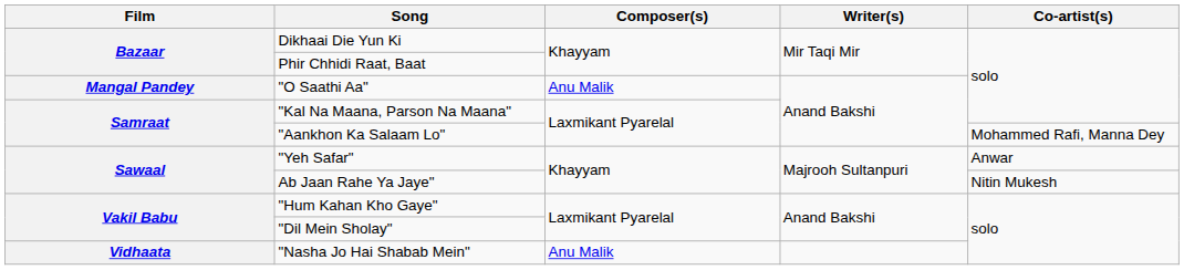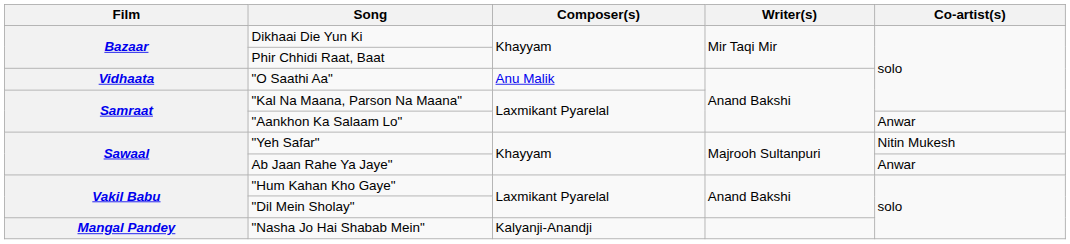 <table class="wikitable plainrowheaders" style="width:100%; textcolor:#000">
 <tr style="background:#b0e0e66;">
 <th scope="col" style="width:23%;"><strong>Film</strong></th>
 <th scope="col" style="width:23%;"><strong>Song</strong></th>
 <th scope="col" style="width:20%;"><strong>Composer(s)</strong></th>
 <th scope="col" style="width:16%;"><strong>Writer(s)</strong></th>
 <th scope="col" style="width:18%;"><strong>Co-artist(s)</strong></th>
 </tr>
 <tr>
 <th Rowspan=2><em><a href='#'>Bazaar</a></em></th>
 <td>Dikhaai Die Yun Ki</td>
 <td rowspan=2>Khayyam</td>
 <td rowspan=2>Mir Taqi Mir</td>
 <td rowspan=4>solo</td>
 </tr>
 <tr>
 <td>Phir Chhidi Raat, Baat</td>
 </tr>
 <tr>
-<th><em><a href='#'>Mangal Pandey</a></em></th>
+<th><em><a href='#'>Vidhaata</a></em></th>
 <td>"O Saathi Aa"</td>
 <td><a href='#'>Anu Malik</a></td>
 <td rowspan=3>Anand Bakshi</td>
 </tr>
 <tr>
 <th Rowspan=2><em><a href='#'>Samraat</a></em></th>
 <td>"Kal Na Maana, Parson Na Maana"</td>
 <td rowspan=2>Laxmikant Pyarelal</td>
 </tr>
 <tr>
 <td>"Aankhon Ka Salaam Lo"</td>
-<td>Mohammed Rafi, Manna Dey</td>
+<td>Anwar</td>
 </tr>
 <tr>
 <th Rowspan=2><em><a href='#'>Sawaal</a></em></th>
 <td>"Yeh Safar"</td>
 <td rowspan=2>Khayyam</td>
 <td rowspan=2>Majrooh Sultanpuri</td>
-<td>Anwar</td>
+<td>Nitin Mukesh</td>
 </tr>
 <tr>
 <td>Ab Jaan Rahe Ya Jaye"</td>
-<td>Nitin Mukesh</td>
+<td>Anwar</td>
 </tr>
 <tr>
 <th Rowspan=2><em><a href='#'>Vakil Babu</a></em></th>
 <td>"Hum Kahan Kho Gaye"</td>
 <td rowspan=2>Laxmikant Pyarelal</td>
 <td rowspan=2>Anand Bakshi</td>
 <td rowspan=3>solo</td>
 </tr>
 <tr>
 <td>"Dil Mein Sholay"</td>
 </tr>
 <tr>
-<th><em><a href='#'>Vidhaata</a></em></th>
+<th><em><a href='#'>Mangal Pandey</a></em></th>
 <td>"Nasha Jo Hai Shabab Mein"</td>
-<td><a href='#'>Anu Malik</a></td>
+<td>Kalyanji-Anandji</td>
 <td></td>
 </tr>
 </table>
